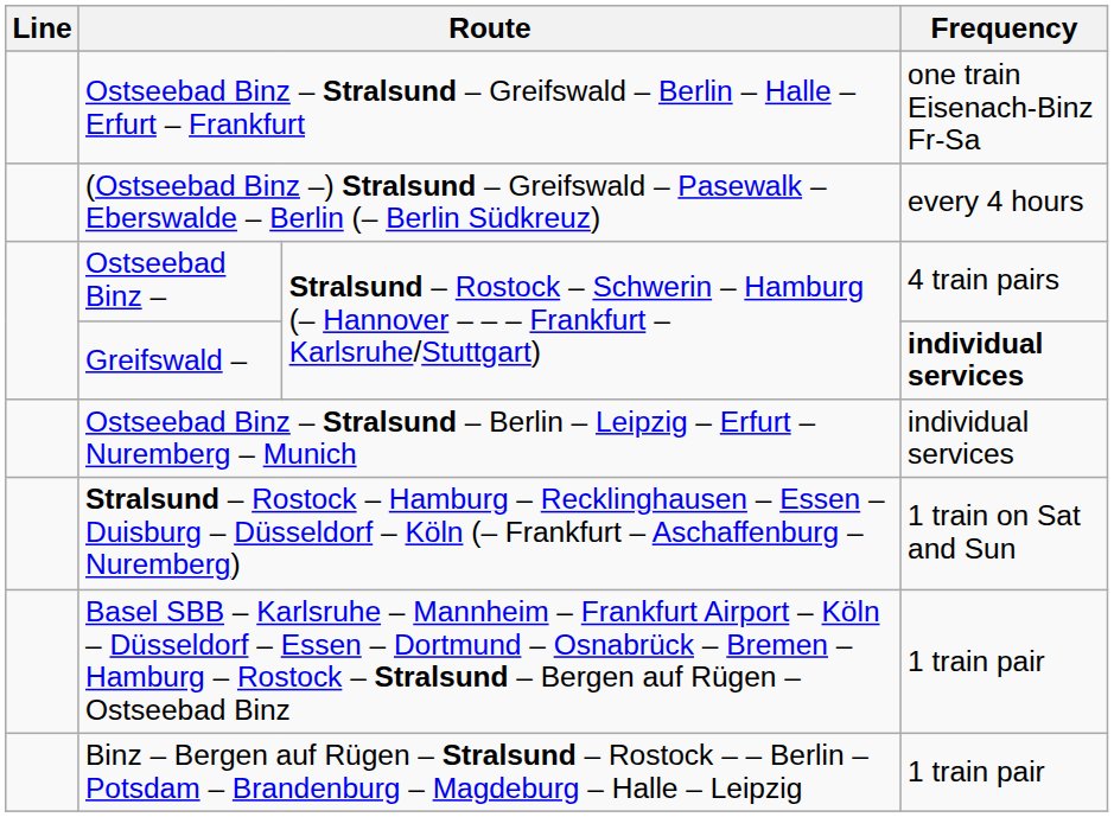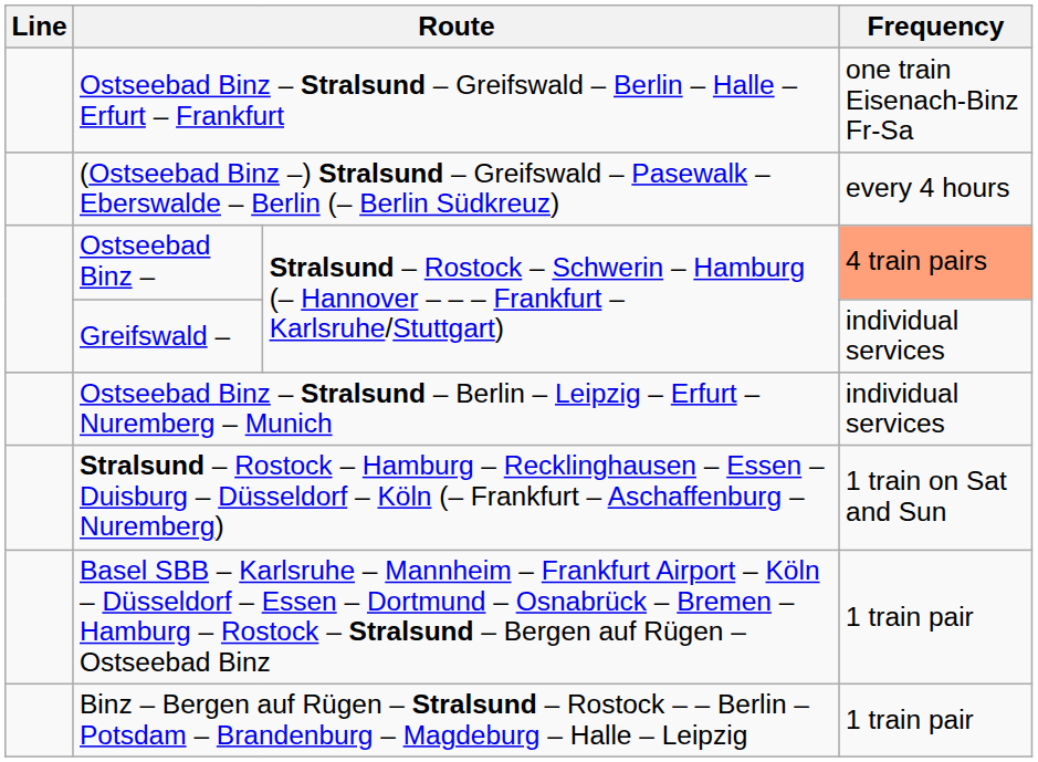 <table class="wikitable">
 <tr>
 <th>Line</th>
 <th colspan="2">Route</th>
 <th>Frequency</th>
 </tr>
 <tr>
 <td></td>
 <td colspan="2"><a href='#'>Ostseebad Binz</a> – <strong>Stralsund</strong> – Greifswald – <a href='#'>Berlin</a> – <a href='#'>Halle</a> – <a href='#'>Erfurt</a> – <a href='#'>Frankfurt</a></td>
 <td>one train Eisenach-Binz Fr-Sa</td>
 </tr>
 <tr>
 <td></td>
 <td colspan="2">(<a href='#'>Ostseebad Binz</a> –) <strong>Stralsund</strong> – Greifswald – <a href='#'>Pasewalk</a> – <a href='#'>Eberswalde</a> – <a href='#'>Berlin</a> (– <a href='#'>Berlin Südkreuz</a>)</td>
 <td>every 4 hours</td>
 </tr>
 <tr>
 <td rowspan="2"></td>
 <td><a href='#'>Ostseebad Binz</a> –</td>
 <td rowspan="2"><strong>Stralsund</strong> – <a href='#'>Rostock</a> – <a href='#'>Schwerin</a> – <a href='#'>Hamburg</a> (– <a href='#'>Hannover</a> –  –  – <a href='#'>Frankfurt</a> – <a href='#'>Karlsruhe</a>/<a href='#'>Stuttgart</a>)</td>
-<td>4 train pairs</td>
+<td style="background: lightsalmon;">4 train pairs</td>
 </tr>
 <tr>
 <td><a href='#'>Greifswald</a> –</td>
-<td><strong>individual services</strong></td>
+<td>individual services</td>
 </tr>
 <tr>
 <td></td>
 <td colspan="2"><a href='#'>Ostseebad Binz</a> – <strong>Stralsund</strong> – Berlin – <a href='#'>Leipzig</a> – <a href='#'>Erfurt</a> – <a href='#'>Nuremberg</a> – <a href='#'>Munich</a></td>
 <td>individual services</td>
 </tr>
 <tr>
 <td></td>
 <td colspan="2"><strong>Stralsund</strong> – <a href='#'>Rostock</a> – <a href='#'>Hamburg</a> – <a href='#'>Recklinghausen</a> – <a href='#'>Essen</a> – <a href='#'>Duisburg</a> – <a href='#'>Düsseldorf</a> – <a href='#'>Köln</a> (– Frankfurt – <a href='#'>Aschaffenburg</a> – <a href='#'>Nuremberg</a>)</td>
 <td>1 train on Sat and Sun</td>
 </tr>
 <tr>
 <td></td>
 <td colspan="2"><a href='#'>Basel SBB</a> – <a href='#'>Karlsruhe</a> – <a href='#'>Mannheim</a> – <a href='#'>Frankfurt Airport</a> – <a href='#'>Köln</a> – <a href='#'>Düsseldorf</a> – <a href='#'>Essen</a> – <a href='#'>Dortmund</a> – <a href='#'>Osnabrück</a> – <a href='#'>Bremen</a> – <a href='#'>Hamburg</a> – <a href='#'>Rostock</a> – <strong>Stralsund</strong> – Bergen auf Rügen – Ostseebad Binz</td>
 <td>1 train pair</td>
 </tr>
 <tr>
 <td></td>
 <td colspan="2">Binz – Bergen auf Rügen – <strong>Stralsund</strong> – Rostock –  – Berlin – <a href='#'>Potsdam</a> – <a href='#'>Brandenburg</a> – <a href='#'>Magdeburg</a> – Halle – Leipzig</td>
 <td>1 train pair</td>
 </tr>
 </table>
